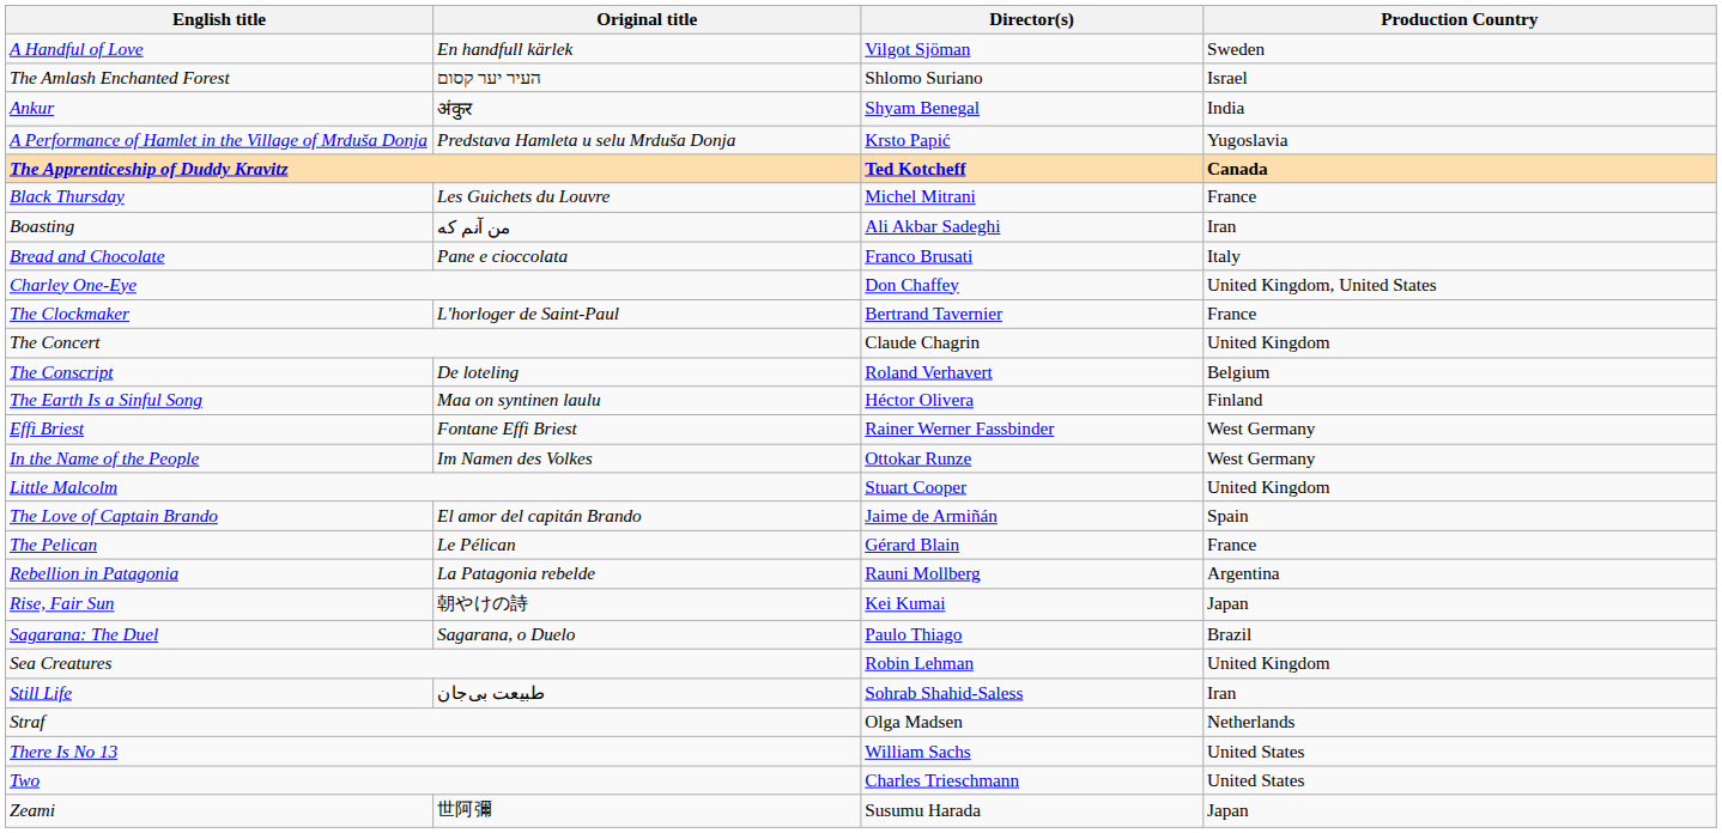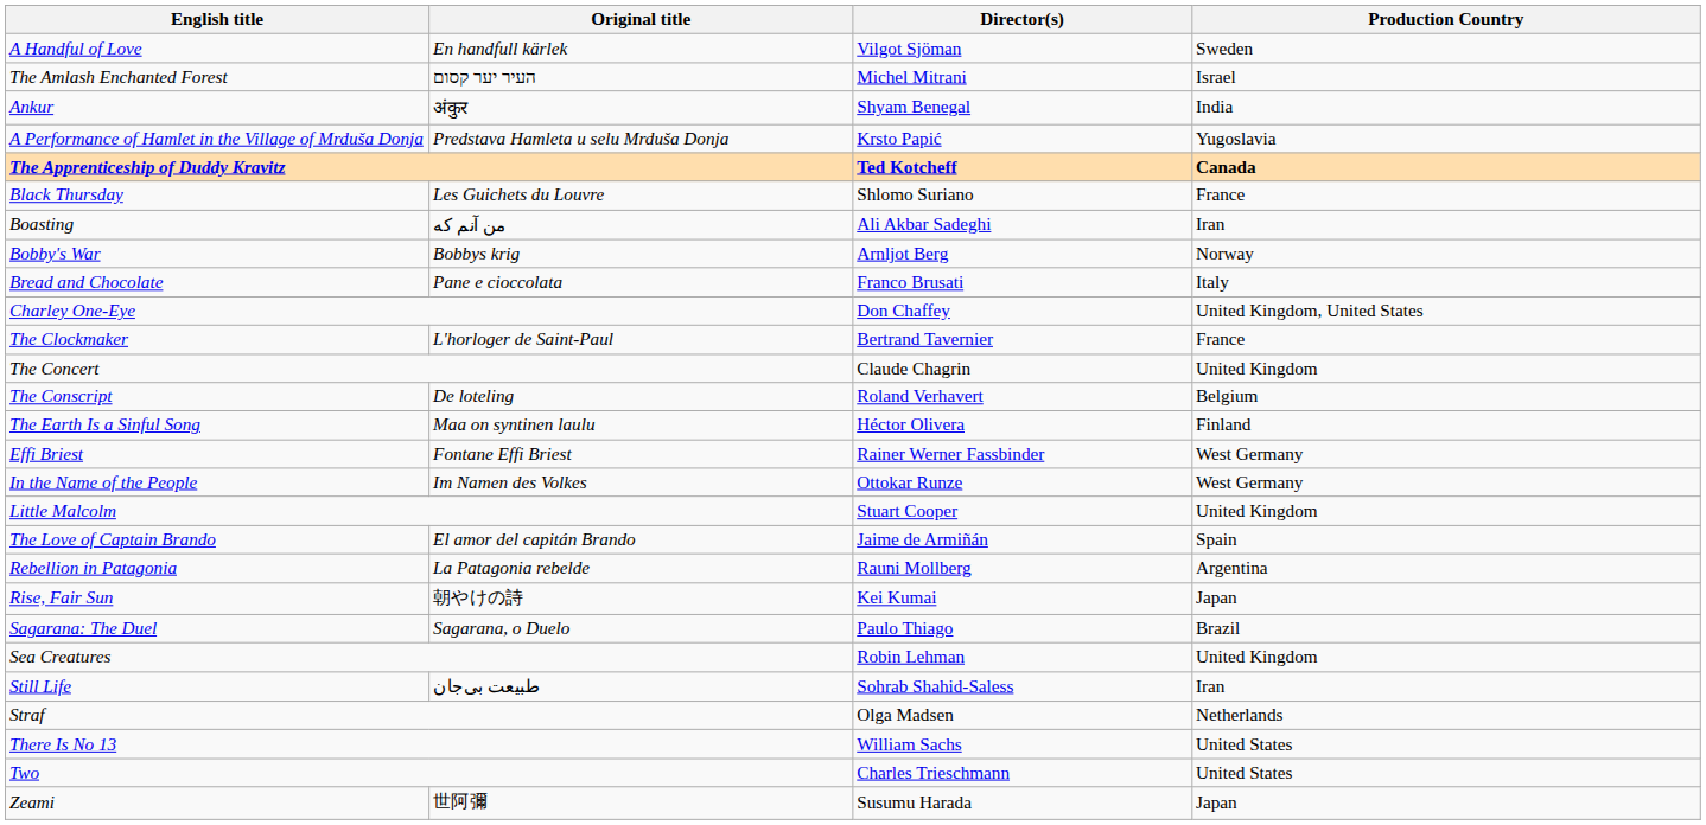 <table class="wikitable" width="95%" cellpadding="5">
 <tr>
 <th width="25%">English title</th>
 <th width="25%">Original title</th>
 <th width="20%">Director(s)</th>
 <th width="30%">Production Country</th>
 </tr>
 <tr>
 <td><em><a href='#'>A Handful of Love</a></em></td>
 <td><em>En handfull kärlek</em></td>
 <td><a href='#'>Vilgot Sjöman</a></td>
 <td>Sweden</td>
 </tr>
 <tr>
 <td><em>The Amlash Enchanted Forest</em></td>
 <td>העיר יער קסום</td>
-<td>Shlomo Suriano</td>
+<td><a href='#'>Michel Mitrani</a></td>
 <td>Israel</td>
 </tr>
 <tr>
 <td><em><a href='#'>Ankur</a></em></td>
 <td>अंकुर</td>
 <td><a href='#'>Shyam Benegal</a></td>
 <td>India</td>
 </tr>
 <tr>
 <td><em><a href='#'>A Performance of Hamlet in the Village of Mrduša Donja</a></em></td>
 <td><em>Predstava Hamleta u selu Mrduša Donja</em></td>
 <td><a href='#'>Krsto Papić</a></td>
 <td>Yugoslavia</td>
 </tr>
 <tr style="background:#FFDEAD;">
 <td colspan="2"><em><a href='#'><strong>The Apprenticeship of Duddy Kravitz</strong></a></em></td>
 <td><strong><a href='#'>Ted Kotcheff</a></strong></td>
 <td><strong>Canada</strong></td>
 </tr>
 <tr>
 <td><em><a href='#'>Black Thursday</a></em></td>
 <td><em>Les Guichets du Louvre</em></td>
-<td><a href='#'>Michel Mitrani</a></td>
+<td>Shlomo Suriano</td>
 <td>France</td>
 </tr>
 <tr>
 <td><em>Boasting</em></td>
 <td>من آنم که</td>
 <td><a href='#'>Ali Akbar Sadeghi</a></td>
 <td>Iran</td>
+</tr>
+<tr>
+<td><em><a href='#'>Bobby's War</a></em></td>
+<td><em>Bobbys krig</em></td>
+<td><a href='#'>Arnljot Berg</a></td>
+<td>Norway</td>
 </tr>
 <tr>
 <td><em><a href='#'>Bread and Chocolate</a></em></td>
 <td><em>Pane e cioccolata</em></td>
 <td><a href='#'>Franco Brusati</a></td>
 <td>Italy</td>
 </tr>
 <tr>
 <td colspan="2"><em><a href='#'>Charley One-Eye</a></em></td>
 <td><a href='#'>Don Chaffey</a></td>
 <td>United Kingdom, United States</td>
 </tr>
 <tr>
 <td><em><a href='#'>The Clockmaker</a></em></td>
 <td><em>L'horloger de Saint-Paul</em></td>
 <td><a href='#'>Bertrand Tavernier</a></td>
 <td>France</td>
 </tr>
 <tr>
 <td colspan="2"><em>The Concert</em></td>
 <td>Claude Chagrin</td>
 <td>United Kingdom</td>
 </tr>
 <tr>
 <td><em><a href='#'>The Conscript</a></em></td>
 <td><em>De loteling</em></td>
 <td><a href='#'>Roland Verhavert</a></td>
 <td>Belgium</td>
 </tr>
 <tr>
 <td><em><a href='#'>The Earth Is a Sinful Song</a></em></td>
 <td><em>Maa on syntinen laulu</em></td>
 <td><a href='#'>Héctor Olivera</a></td>
 <td>Finland</td>
 </tr>
 <tr>
 <td><em><a href='#'>Effi Briest</a></em></td>
 <td><em>Fontane Effi Briest</em></td>
 <td><a href='#'>Rainer Werner Fassbinder</a></td>
 <td>West Germany</td>
 </tr>
 <tr>
 <td><em><a href='#'>In the Name of the People</a></em></td>
 <td><em>Im Namen des Volkes</em></td>
 <td><a href='#'>Ottokar Runze</a></td>
 <td>West Germany</td>
 </tr>
 <tr>
 <td colspan="2"><em><a href='#'>Little Malcolm</a></em></td>
 <td><a href='#'>Stuart Cooper</a></td>
 <td>United Kingdom</td>
 </tr>
 <tr>
 <td><em><a href='#'>The Love of Captain Brando</a></em></td>
 <td><em>El amor del capitán Brando</em></td>
 <td><a href='#'>Jaime de Armiñán</a></td>
 <td>Spain</td>
 </tr>
 <tr>
-<td><em><a href='#'>The Pelican</a></em></td>
-<td><em>Le Pélican</em></td>
-<td><a href='#'>Gérard Blain</a></td>
-<td>France</td>
-</tr>
-<tr>
 <td><em><a href='#'>Rebellion in Patagonia</a></em></td>
 <td><em>La Patagonia rebelde</em></td>
 <td><a href='#'>Rauni Mollberg</a></td>
 <td>Argentina</td>
 </tr>
 <tr>
 <td><em><a href='#'>Rise, Fair Sun</a></em></td>
 <td>朝やけの詩</td>
 <td><a href='#'>Kei Kumai</a></td>
 <td>Japan</td>
 </tr>
 <tr>
 <td><em><a href='#'>Sagarana: The Duel</a></em></td>
 <td><em>Sagarana, o Duelo</em></td>
 <td><a href='#'>Paulo Thiago</a></td>
 <td>Brazil</td>
 </tr>
 <tr>
 <td colspan="2"><em>Sea Creatures</em></td>
 <td><a href='#'>Robin Lehman</a></td>
 <td>United Kingdom</td>
 </tr>
 <tr>
 <td><em><a href='#'>Still Life</a></em></td>
 <td>طبیعت بی‌جان</td>
 <td><a href='#'>Sohrab Shahid-Saless</a></td>
 <td>Iran</td>
 </tr>
 <tr>
 <td colspan="2"><em>Straf</em></td>
 <td>Olga Madsen</td>
 <td>Netherlands</td>
 </tr>
 <tr>
 <td colspan="2"><em><a href='#'>There Is No 13</a></em></td>
 <td><a href='#'>William Sachs</a></td>
 <td>United States</td>
 </tr>
 <tr>
 <td colspan="2"><em><a href='#'>Two</a></em></td>
 <td><a href='#'>Charles Trieschmann</a></td>
 <td>United States</td>
 </tr>
 <tr>
 <td><em>Zeami</em></td>
 <td>世阿彌</td>
 <td>Susumu Harada</td>
 <td>Japan</td>
 </tr>
 </table>
